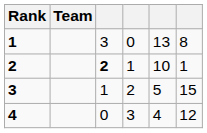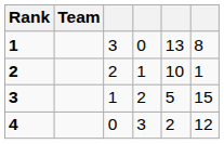 <table class="wikitable">
 <tr>
 <th>Rank</th>
 <th>Team</th>
 <th width=20></th>
 <th width=20></th>
 <th width=20></th>
 <th width=20></th>
 </tr>
 <tr>
 <td><strong>1</strong></td>
 <td></td>
 <td>3</td>
 <td>0</td>
 <td>13</td>
 <td>8</td>
 </tr>
 <tr>
 <td><strong>2</strong></td>
 <td></td>
-<td><strong>2</strong></td>
+<td>2</td>
 <td>1</td>
 <td>10</td>
 <td>1</td>
 </tr>
 <tr>
 <td><strong>3</strong></td>
 <td></td>
 <td>1</td>
 <td>2</td>
 <td>5</td>
 <td>15</td>
 </tr>
 <tr>
 <td><strong>4</strong></td>
 <td></td>
 <td>0</td>
 <td>3</td>
-<td>4</td>
+<td>2</td>
 <td>12</td>
 </tr>
 </table>
